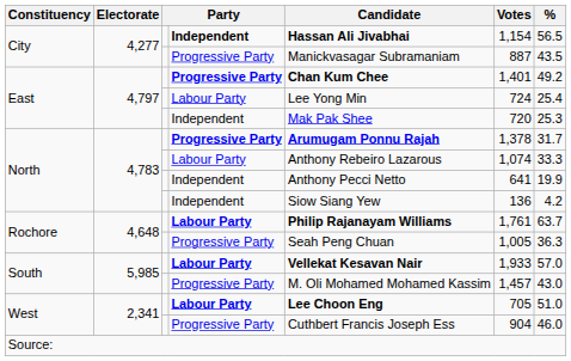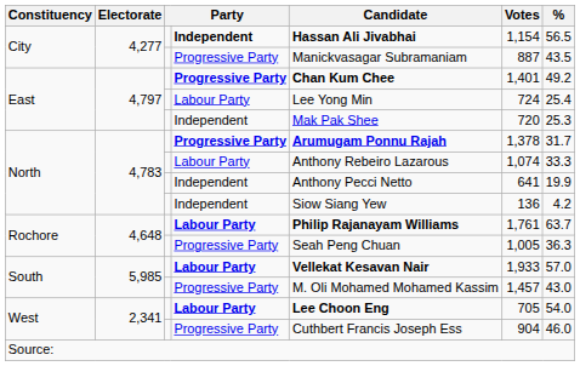 <table class="wikitable sortable">
 <tr>
 <th>Constituency</th>
 <th>Electorate</th>
 <th colspan="2">Party</th>
 <th>Candidate</th>
 <th>Votes</th>
 <th>%</th>
 </tr>
 <tr>
 <td rowspan="2">City</td>
 <td rowspan="2" align="right">4,277</td>
 <td style="color:inherit;background:"></td>
 <td><strong>Independent</strong></td>
 <td><strong>Hassan Ali Jivabhai</strong></td>
 <td align="right">1,154</td>
 <td>56.5</td>
 </tr>
 <tr>
 <td style="color:inherit;background:"></td>
 <td><a href='#'>Progressive Party</a></td>
 <td>Manickvasagar Subramaniam</td>
 <td align="right">887</td>
 <td align=right>43.5</td>
 </tr>
 <tr>
 <td rowspan="3">East</td>
 <td rowspan="3" align="right">4,797</td>
 <td style="color:inherit;background:"></td>
 <td><strong><a href='#'>Progressive Party</a></strong></td>
 <td><strong>Chan Kum Chee</strong></td>
 <td align="right">1,401</td>
 <td align=right>49.2</td>
 </tr>
 <tr>
 <td style="color:inherit;background:"></td>
 <td><a href='#'>Labour Party</a></td>
 <td>Lee Yong Min</td>
 <td align="right">724</td>
 <td align=right>25.4</td>
 </tr>
 <tr>
 <td style="color:inherit;background:"></td>
 <td>Independent</td>
 <td><a href='#'>Mak Pak Shee</a></td>
 <td align="right">720</td>
 <td align=right>25.3</td>
 </tr>
 <tr>
 <td rowspan="4">North</td>
 <td rowspan="4" align="right">4,783</td>
 <td style="color:inherit;background:"></td>
 <td><strong><a href='#'>Progressive Party</a></strong></td>
 <td><strong><a href='#'>Arumugam Ponnu Rajah</a></strong></td>
 <td align="right">1,378</td>
 <td align=right>31.7</td>
 </tr>
 <tr>
 <td style="color:inherit;background:"></td>
 <td><a href='#'>Labour Party</a></td>
 <td>Anthony Rebeiro Lazarous</td>
 <td align="right">1,074</td>
 <td align=right>33.3</td>
 </tr>
 <tr>
 <td style="color:inherit;background:"></td>
 <td>Independent</td>
 <td>Anthony Pecci Netto</td>
 <td align="right">641</td>
 <td align=right>19.9</td>
 </tr>
 <tr>
 <td style="color:inherit;background:"></td>
 <td>Independent</td>
 <td>Siow Siang Yew</td>
 <td align="right">136</td>
 <td align=right>4.2</td>
 </tr>
 <tr>
 <td rowspan="2">Rochore</td>
 <td rowspan="2" align="right">4,648</td>
 <td style="color:inherit;background:"></td>
 <td><strong><a href='#'>Labour Party</a></strong></td>
 <td><strong>Philip Rajanayam Williams</strong></td>
 <td align="right">1,761</td>
 <td align=right>63.7</td>
 </tr>
 <tr>
 <td style="color:inherit;background:"></td>
 <td><a href='#'>Progressive Party</a></td>
 <td>Seah Peng Chuan</td>
 <td align="right">1,005</td>
 <td align=right>36.3</td>
 </tr>
 <tr>
 <td rowspan="2">South</td>
 <td rowspan="2" align="right">5,985</td>
 <td style="color:inherit;background:"></td>
 <td><strong><a href='#'>Labour Party</a></strong></td>
 <td><strong>Vellekat Kesavan Nair</strong></td>
 <td align="right">1,933</td>
 <td align=right>57.0</td>
 </tr>
 <tr>
 <td style="color:inherit;background:"></td>
 <td><a href='#'>Progressive Party</a></td>
 <td>M. Oli Mohamed Mohamed Kassim</td>
 <td align="right">1,457</td>
 <td align=right>43.0</td>
 </tr>
 <tr>
 <td rowspan="2">West</td>
 <td rowspan="2" align="right">2,341</td>
 <td style="color:inherit;background:"></td>
 <td><strong><a href='#'>Labour Party</a></strong></td>
 <td><strong>Lee Choon Eng</strong></td>
 <td align="right">705</td>
-<td align=right>51.0</td>
+<td align=right>54.0</td>
 </tr>
 <tr>
 <td style="color:inherit;background:"></td>
 <td><a href='#'>Progressive Party</a></td>
 <td>Cuthbert Francis Joseph Ess</td>
 <td align="right">904</td>
 <td align=right>46.0</td>
 </tr>
 <tr class="sortbottom">
 <td colspan="7">Source: </td>
 </tr>
 </table>
